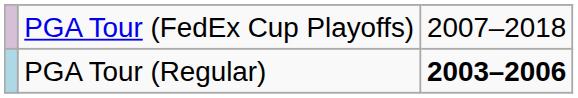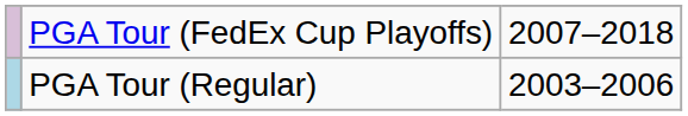 <table class="wikitable" style="font-size:95%">
 <tr>
 <td style="background:thistle"></td>
 <td><a href='#'>PGA Tour</a> (FedEx Cup Playoffs)</td>
 <td>2007–2018</td>
 </tr>
 <tr>
 <td style="background:lightblue"></td>
 <td>PGA Tour (Regular)</td>
-<td><strong>2003–2006</strong></td>
+<td>2003–2006</td>
 </tr>
 </table>
